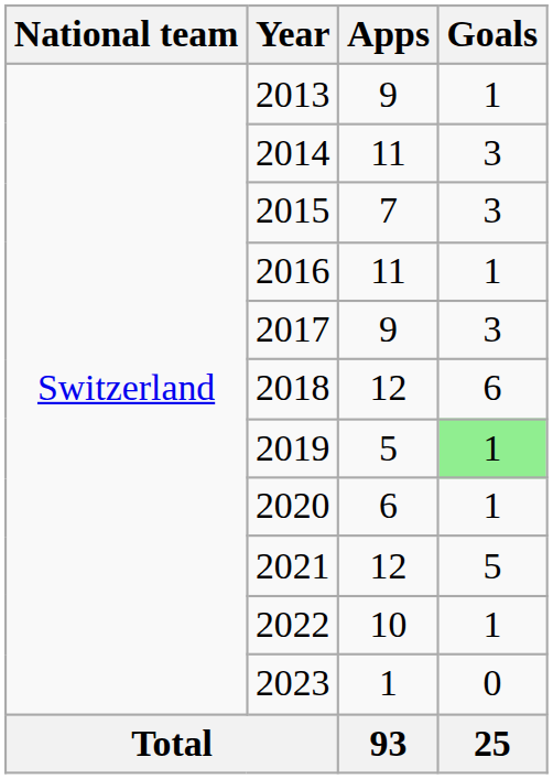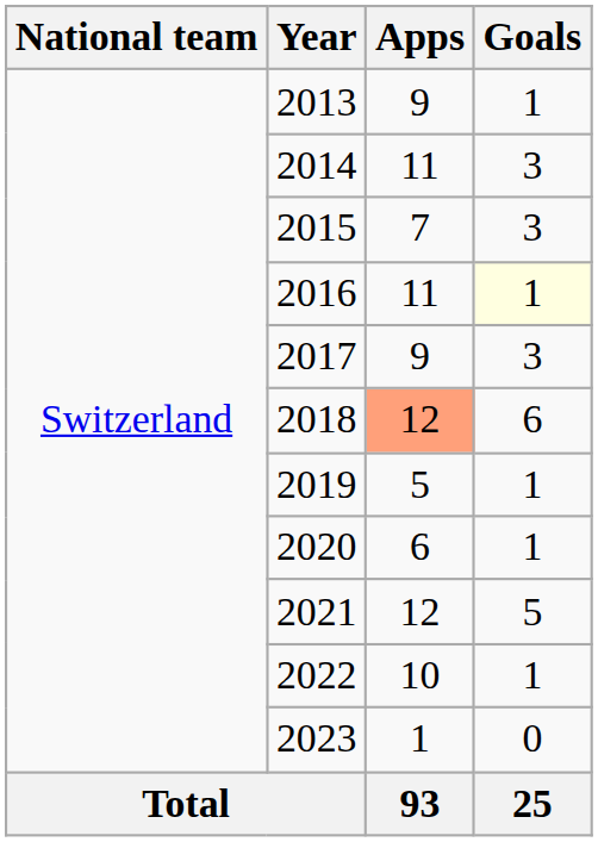 <table class="wikitable" style="text-align:center">
 <tr>
 <th>National team</th>
 <th>Year</th>
 <th>Apps</th>
 <th>Goals</th>
 </tr>
 <tr>
 <td rowspan="11"><a href='#'>Switzerland</a></td>
 <td>2013</td>
 <td>9</td>
 <td>1</td>
 </tr>
 <tr>
 <td>2014</td>
 <td>11</td>
 <td>3</td>
 </tr>
 <tr>
 <td>2015</td>
 <td>7</td>
 <td>3</td>
 </tr>
 <tr>
 <td>2016</td>
 <td>11</td>
-<td>1</td>
+<td style="background: lightyellow;">1</td>
 </tr>
 <tr>
 <td>2017</td>
 <td>9</td>
 <td>3</td>
 </tr>
 <tr>
 <td>2018</td>
-<td>12</td>
+<td style="background: lightsalmon;">12</td>
 <td>6</td>
 </tr>
 <tr>
 <td>2019</td>
 <td>5</td>
-<td style="background: lightgreen;">1</td>
+<td>1</td>
 </tr>
 <tr>
 <td>2020</td>
 <td>6</td>
 <td>1</td>
 </tr>
 <tr>
 <td>2021</td>
 <td>12</td>
 <td>5</td>
 </tr>
 <tr>
 <td>2022</td>
 <td>10</td>
 <td>1</td>
 </tr>
 <tr>
 <td>2023</td>
 <td>1</td>
 <td>0</td>
 </tr>
 <tr>
 <th colspan="2">Total</th>
 <th>93</th>
 <th>25</th>
 </tr>
 </table>
